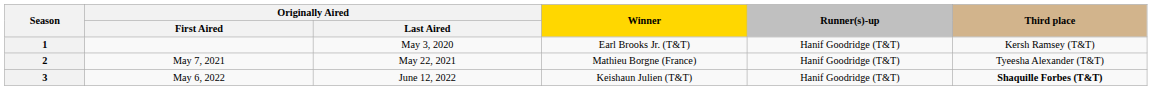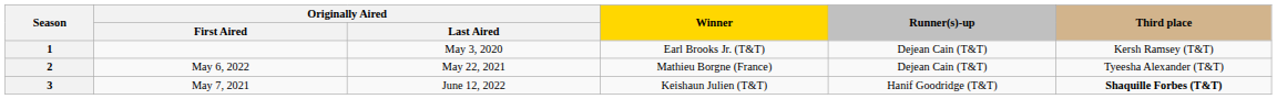 <table class="wikitable plainrowheaders" style="margin-left: auto; margin-right: auto; border: none; text-align:center; font-size:100%" width="90%;">
 <tr>
 <th style="width:7%;" rowspan="2">Season</th>
 <th style="width:40%;" colspan="2">Originally Aired</th>
 <th style="width:18%; background:gold;" align="center" rowspan="2">Winner</th>
 <th style="width:18%; background:silver;" align="center"rowspan="2">Runner(s)-up</th>
 <th style="width:18%; background:tan;" align="center" rowspan="2">Third place</th>
 </tr>
 <tr>
 <th style="width:20%;">First Aired</th>
 <th style="width:20%;">Last Aired</th>
 </tr>
 <tr>
 <th scope="row" style="text-align:center;">1</th>
 <td></td>
 <td>May 3, 2020</td>
 <td>Earl Brooks Jr. (T&T)</td>
-<td>Hanif Goodridge (T&T)</td>
+<td>Dejean Cain (T&T)</td>
 <td>Kersh Ramsey (T&T)</td>
 </tr>
 <tr>
 <th scope="row" style="text-align:center;">2</th>
-<td>May 7, 2021</td>
+<td>May 6, 2022</td>
 <td>May 22, 2021</td>
 <td>Mathieu Borgne (France)</td>
-<td>Hanif Goodridge (T&T)</td>
+<td>Dejean Cain (T&T)</td>
 <td>Tyeesha Alexander (T&T)</td>
 </tr>
 <tr>
 <th scope="row" style="text-align:center;">3</th>
-<td>May 6, 2022</td>
+<td>May 7, 2021</td>
 <td>June 12, 2022</td>
 <td>Keishaun Julien (T&T)</td>
 <td>Hanif Goodridge (T&T)</td>
 <td><strong>Shaquille Forbes (T&T)</strong></td>
 </tr>
 <tr>
 </tr>
 </table>
